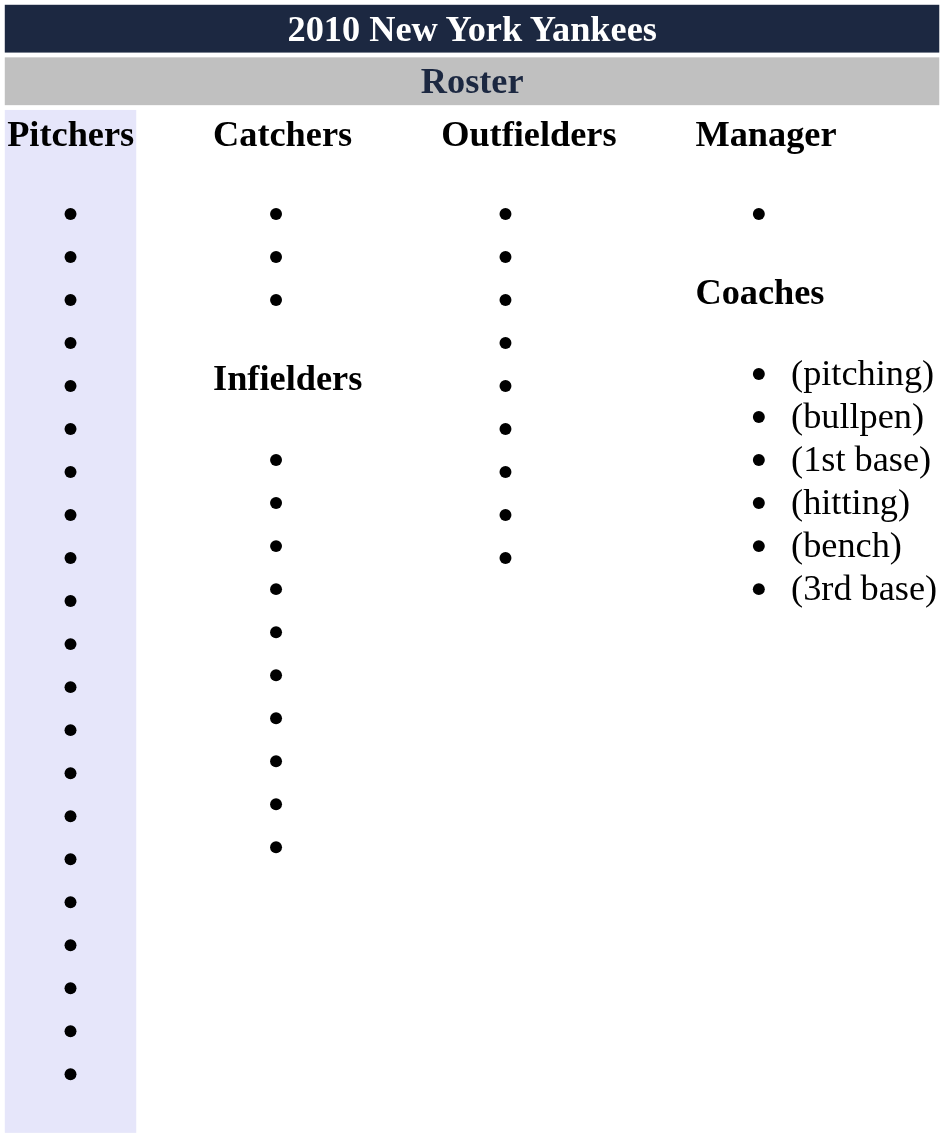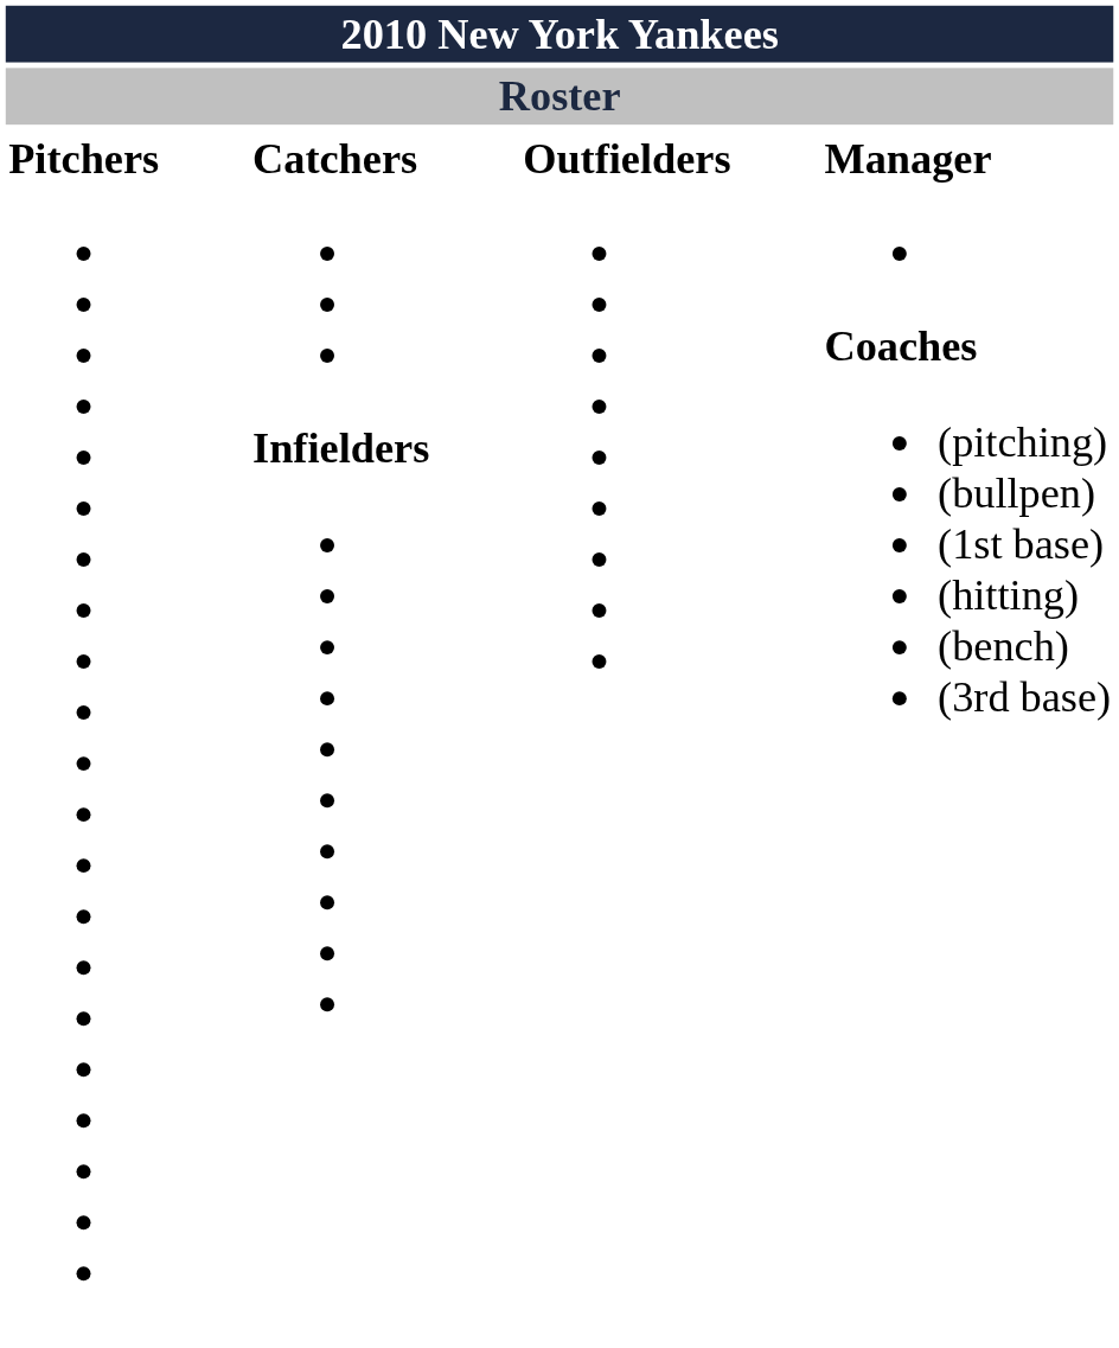 <table class="toccolours" style="font-size: 95%;">
 <tr>
 <th colspan="10" style="background:#1c2841; color:white; text-align:center;">2010 New York Yankees</th>
 </tr>
 <tr>
 <td colspan="10" style="background:silver; color:#1c2841; text-align:center;"><strong>Roster</strong></td>
 </tr>
 <tr>
-<td valign="top" style="background: lavender;"><strong>Pitchers</strong><br><ul><li></li><li></li><li></li><li></li><li></li><li></li><li></li><li></li><li></li><li></li><li></li><li></li><li></li><li></li><li></li><li></li><li></li><li></li><li></li><li></li><li></li></ul></td>
+<td valign="top"><strong>Pitchers</strong><br><ul><li></li><li></li><li></li><li></li><li></li><li></li><li></li><li></li><li></li><li></li><li></li><li></li><li></li><li></li><li></li><li></li><li></li><li></li><li></li><li></li><li></li></ul></td>
 <td style="width:25px;"></td>
 <td valign="top"><strong>Catchers</strong><br><ul><li></li><li></li><li></li></ul><strong>Infielders</strong><ul><li></li><li></li><li></li><li></li><li></li><li></li><li></li><li></li><li></li><li></li></ul></td>
 <td style="width:25px;"></td>
 <td valign="top"><strong>Outfielders</strong><br><ul><li></li><li></li><li></li><li></li><li></li><li></li><li></li><li></li><li></li></ul></td>
 <td style="width:25px;"></td>
 <td valign="top"><strong>Manager</strong><br><ul><li></li></ul><strong>Coaches</strong><ul><li> (pitching)</li><li> (bullpen)</li><li>  (1st base)</li><li>  (hitting)</li><li> (bench)</li><li> (3rd base)</li></ul></td>
 </tr>
 </table>
